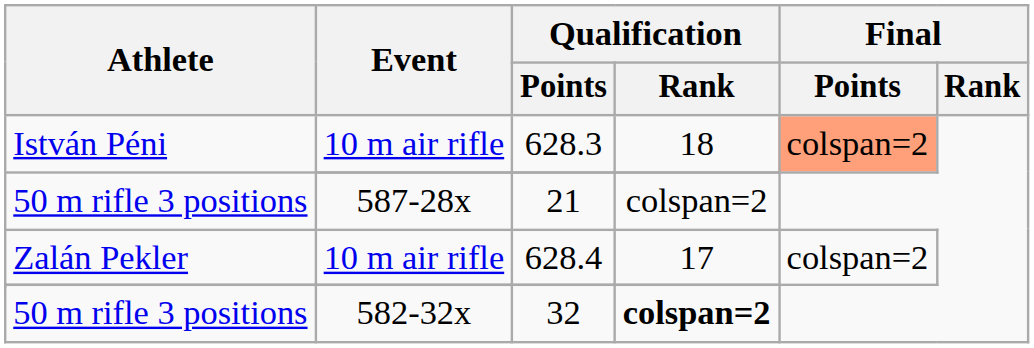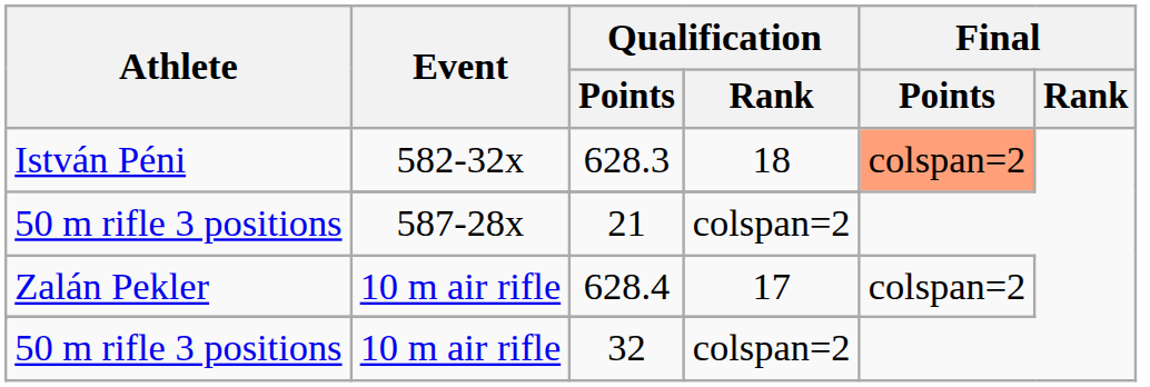 <table class="wikitable" style="font-size:90%">
 <tr>
 <th rowspan="2">Athlete</th>
 <th rowspan="2">Event</th>
 <th colspan=2>Qualification</th>
 <th colspan=2>Final</th>
 </tr>
 <tr style="font-size:95%">
 <th>Points</th>
 <th>Rank</th>
 <th>Points</th>
 <th>Rank</th>
 </tr>
 <tr align=center>
 <td align=left rowspan=2><a href='#'>István Péni</a></td>
-<td align=left><a href='#'>10 m air rifle</a></td>
+<td>582-32x</td>
 <td>628.3</td>
 <td>18</td>
 <td style="background: lightsalmon;">colspan=2 </td>
 </tr>
 <tr>
 </tr>
 <tr align=center>
 <td align=left><a href='#'>50 m rifle 3 positions</a></td>
 <td>587-28x</td>
 <td>21</td>
 <td>colspan=2 </td>
 </tr>
 <tr align=center>
 <td align=left rowspan=2><a href='#'>Zalán Pekler</a></td>
 <td align=left><a href='#'>10 m air rifle</a></td>
 <td>628.4</td>
 <td>17</td>
 <td>colspan=2 </td>
 </tr>
 <tr>
 </tr>
 <tr>
 </tr>
 <tr align=center>
 <td align=left><a href='#'>50 m rifle 3 positions</a></td>
-<td>582-32x</td>
+<td align=left><a href='#'>10 m air rifle</a></td>
 <td>32</td>
-<td><strong>colspan=2 </strong></td>
+<td>colspan=2 </td>
 </tr>
 </table>
